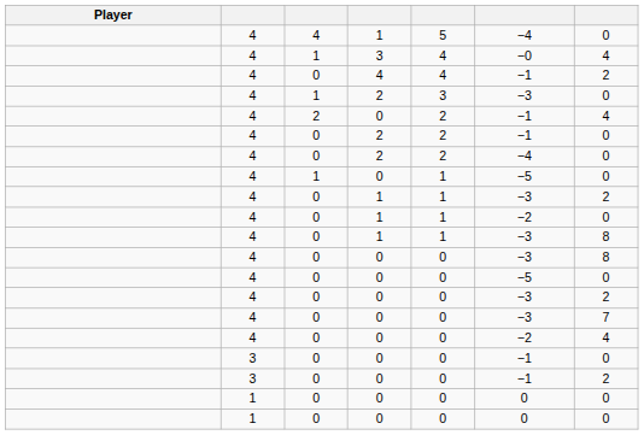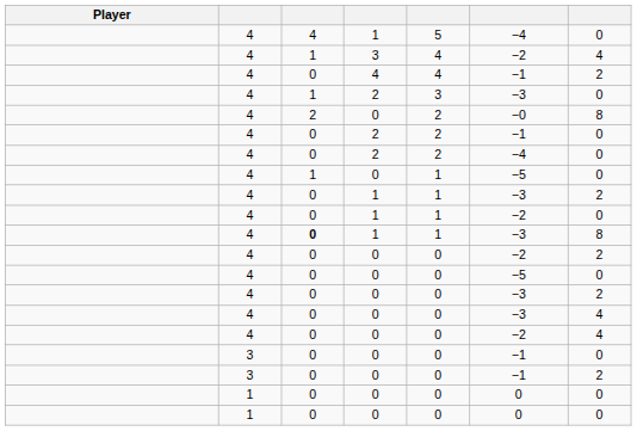 <table class="wikitable sortable" style="width:90%; text-align:center;">
 <tr align=center>
 <th>Player</th>
 <th></th>
 <th></th>
 <th></th>
 <th></th>
 <th data-sort-type="number"></th>
 <th></th>
 </tr>
 <tr>
 <td></td>
 <td>4</td>
 <td>4</td>
 <td>1</td>
 <td>5</td>
 <td>−4</td>
 <td>0</td>
 </tr>
 <tr>
 <td></td>
 <td>4</td>
 <td>1</td>
 <td>3</td>
 <td>4</td>
-<td>−0</td>
+<td>−2</td>
 <td>4</td>
 </tr>
 <tr>
 <td></td>
 <td>4</td>
 <td>0</td>
 <td>4</td>
 <td>4</td>
 <td>−1</td>
 <td>2</td>
 </tr>
 <tr>
 <td></td>
 <td>4</td>
 <td>1</td>
 <td>2</td>
 <td>3</td>
 <td>−3</td>
 <td>0</td>
 </tr>
 <tr>
 <td></td>
 <td>4</td>
 <td>2</td>
 <td>0</td>
 <td>2</td>
-<td>−1</td>
-<td>4</td>
+<td>−0</td>
+<td>8</td>
 </tr>
 <tr>
 <td></td>
 <td>4</td>
 <td>0</td>
 <td>2</td>
 <td>2</td>
 <td>−1</td>
 <td>0</td>
 </tr>
 <tr>
 <td></td>
 <td>4</td>
 <td>0</td>
 <td>2</td>
 <td>2</td>
 <td>−4</td>
 <td>0</td>
 </tr>
 <tr>
 <td></td>
 <td>4</td>
 <td>1</td>
 <td>0</td>
 <td>1</td>
 <td>−5</td>
 <td>0</td>
 </tr>
 <tr>
 <td></td>
 <td>4</td>
 <td>0</td>
 <td>1</td>
 <td>1</td>
 <td>−3</td>
 <td>2</td>
 </tr>
 <tr>
 <td></td>
 <td>4</td>
 <td>0</td>
 <td>1</td>
 <td>1</td>
 <td>−2</td>
 <td>0</td>
 </tr>
 <tr>
 <td></td>
 <td>4</td>
-<td>0</td>
+<td><strong>0</strong></td>
 <td>1</td>
 <td>1</td>
 <td>−3</td>
 <td>8</td>
 </tr>
 <tr>
 <td></td>
 <td>4</td>
 <td>0</td>
 <td>0</td>
 <td>0</td>
-<td>−3</td>
-<td>8</td>
+<td>−2</td>
+<td>2</td>
 </tr>
 <tr>
 <td></td>
 <td>4</td>
 <td>0</td>
 <td>0</td>
 <td>0</td>
 <td>−5</td>
 <td>0</td>
 </tr>
 <tr>
 <td></td>
 <td>4</td>
 <td>0</td>
 <td>0</td>
 <td>0</td>
 <td>−3</td>
 <td>2</td>
 </tr>
 <tr>
 <td></td>
 <td>4</td>
 <td>0</td>
 <td>0</td>
 <td>0</td>
 <td>−3</td>
-<td>7</td>
+<td>4</td>
 </tr>
 <tr>
 <td></td>
 <td>4</td>
 <td>0</td>
 <td>0</td>
 <td>0</td>
 <td>−2</td>
 <td>4</td>
 </tr>
 <tr>
 <td></td>
 <td>3</td>
 <td>0</td>
 <td>0</td>
 <td>0</td>
 <td>−1</td>
 <td>0</td>
 </tr>
 <tr>
 <td></td>
 <td>3</td>
 <td>0</td>
 <td>0</td>
 <td>0</td>
 <td>−1</td>
 <td>2</td>
 </tr>
 <tr>
 <td></td>
 <td>1</td>
 <td>0</td>
 <td>0</td>
 <td>0</td>
 <td>0</td>
 <td>0</td>
 </tr>
 <tr>
 <td></td>
 <td>1</td>
 <td>0</td>
 <td>0</td>
 <td>0</td>
 <td>0</td>
 <td>0</td>
 </tr>
 </table>
